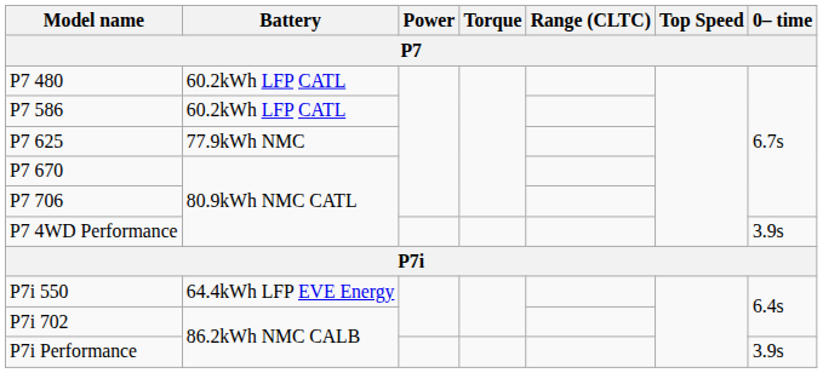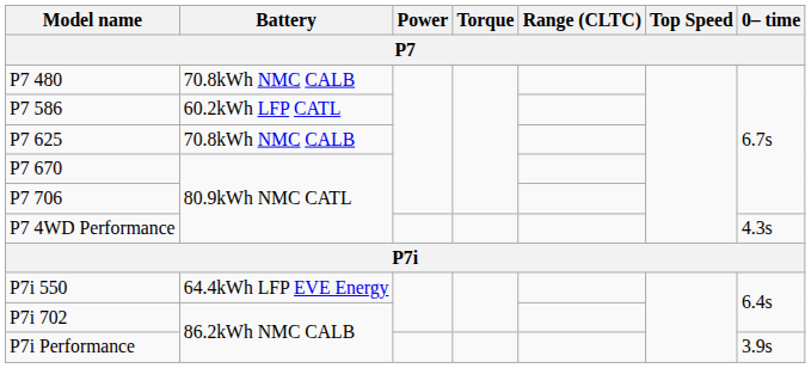 <table class="wikitable">
 <tr>
 <th>Model name</th>
 <th>Battery</th>
 <th>Power</th>
 <th>Torque</th>
 <th>Range (CLTC)</th>
 <th>Top Speed</th>
 <th>0–⁠ time</th>
 </tr>
 <tr>
 <th colspan="7"><strong>P7</strong></th>
 </tr>
 <tr>
 <td>P7 480</td>
-<td>60.2kWh <a href='#'>LFP</a> <a href='#'>CATL</a></td>
+<td>70.8kWh <a href='#'>NMC</a> <a href='#'>CALB</a></td>
 <td rowspan="5"></td>
 <td rowspan="5"></td>
 <td></td>
 <td rowspan="6"></td>
 <td rowspan="5">6.7s</td>
 </tr>
 <tr>
 <td>P7 586</td>
 <td>60.2kWh <a href='#'>LFP</a> <a href='#'>CATL</a></td>
 <td></td>
 </tr>
 <tr>
 <td>P7 625</td>
-<td>77.9kWh NMC</td>
+<td>70.8kWh <a href='#'>NMC</a> <a href='#'>CALB</a></td>
 <td></td>
 </tr>
 <tr>
 <td>P7 670</td>
 <td rowspan="3">80.9kWh NMC CATL</td>
 <td></td>
 </tr>
 <tr>
 <td>P7 706</td>
 <td></td>
 </tr>
 <tr>
 <td>P7 4WD Performance</td>
 <td></td>
 <td></td>
 <td></td>
-<td>3.9s</td>
+<td>4.3s</td>
 </tr>
 <tr>
 <th colspan="7"><strong>P7i</strong></th>
 </tr>
 <tr>
 <td>P7i 550</td>
 <td>64.4kWh LFP <a href='#'>EVE Energy</a></td>
 <td rowspan="2"></td>
 <td rowspan="2"></td>
 <td></td>
 <td rowspan="3"></td>
 <td rowspan="2">6.4s</td>
 </tr>
 <tr>
 <td>P7i 702</td>
 <td rowspan="2">86.2kWh NMC CALB</td>
 <td></td>
 </tr>
 <tr>
 <td>P7i Performance</td>
 <td></td>
 <td></td>
 <td></td>
 <td>3.9s</td>
 </tr>
 </table>
